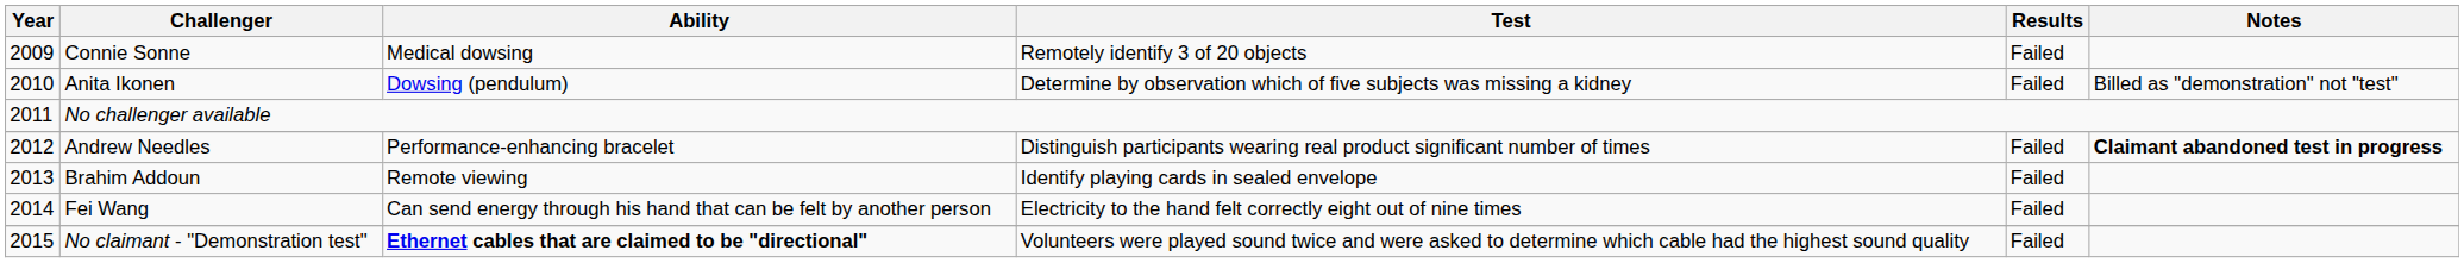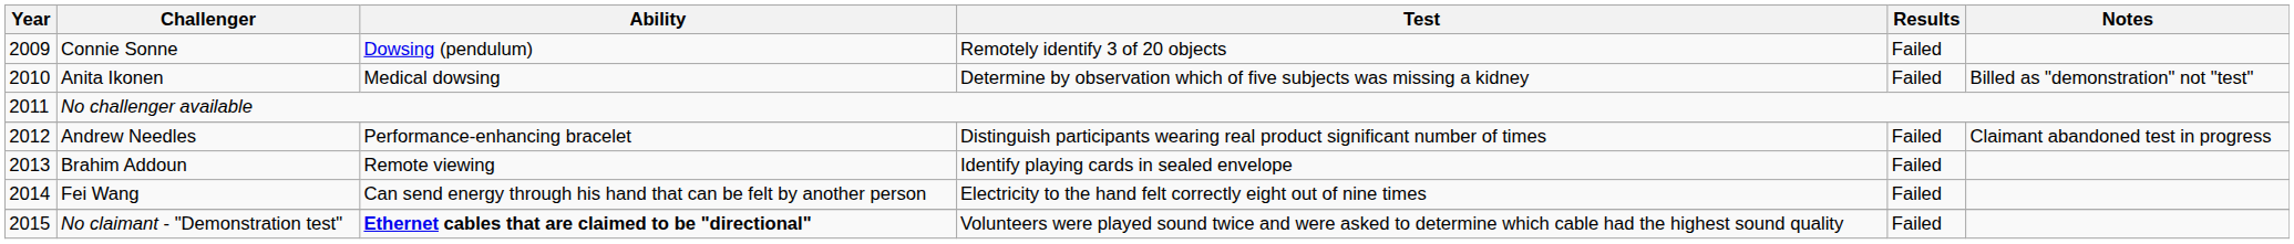 <table width="100%" border="1" class="wikitable">
 <tr valign="top">
 <th>Year</th>
 <th>Challenger</th>
 <th>Ability</th>
 <th>Test</th>
 <th>Results</th>
 <th>Notes</th>
 </tr>
 <tr valign="top">
 <td>2009</td>
 <td>Connie Sonne</td>
-<td>Medical dowsing</td>
+<td><a href='#'>Dowsing</a> (pendulum)</td>
 <td>Remotely identify 3 of 20 objects</td>
 <td>Failed</td>
 <td></td>
 </tr>
 <tr valign="top">
 <td>2010</td>
 <td>Anita Ikonen</td>
-<td><a href='#'>Dowsing</a> (pendulum)</td>
+<td>Medical dowsing</td>
 <td>Determine by observation which of five subjects was missing a kidney</td>
 <td>Failed</td>
 <td>Billed as "demonstration" not "test"</td>
 </tr>
 <tr valign="top">
 <td>2011</td>
 <td colspan="5"><em>No challenger available</em></td>
 </tr>
 <tr>
 </tr>
 <tr>
 </tr>
 <tr>
 </tr>
 <tr valign="top">
 <td>2012</td>
 <td>Andrew Needles</td>
 <td>Performance-enhancing bracelet</td>
 <td>Distinguish participants wearing real product significant number of times</td>
 <td>Failed</td>
-<td><strong>Claimant abandoned test in progress</strong></td>
+<td>Claimant abandoned test in progress</td>
 </tr>
 <tr valign="top">
 <td>2013</td>
 <td>Brahim Addoun</td>
 <td>Remote viewing</td>
 <td>Identify playing cards in sealed envelope</td>
 <td>Failed</td>
 <td></td>
 </tr>
 <tr valign="top">
 <td>2014</td>
 <td>Fei Wang</td>
 <td>Can send energy through his hand that can be felt by another person</td>
 <td>Electricity to the hand felt correctly eight out of nine times</td>
 <td>Failed</td>
 <td></td>
 </tr>
 <tr>
 </tr>
 <tr valign="top">
 <td>2015</td>
 <td><em>No claimant</em> - "Demonstration test"</td>
 <td><strong><a href='#'>Ethernet</a> cables that are claimed to be "directional"</strong></td>
 <td>Volunteers were played sound twice and were asked to determine which cable had the highest sound quality</td>
 <td>Failed</td>
 <td></td>
 </tr>
 </table>
